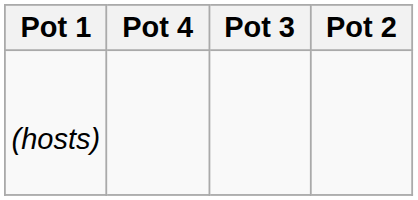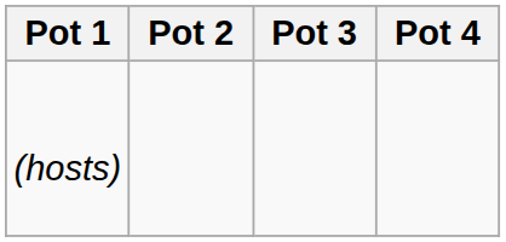 <table class="wikitable">
 <tr>
 <th width=25%>Pot 1</th>
+<th width=25%>Pot 2</th>
+<th width=25%>Pot 3</th>
 <th width=25%>Pot 4</th>
-<th width=25%>Pot 3</th>
-<th width=25%>Pot 2</th>
 </tr>
 <tr>
 <td><br> <br>  <em>(hosts)</em><br>  <br> </td>
-<td><br> <br>  <br> </td>
 <td><br> <br>  <br>  <br> </td>
 <td><br> <br>  <br>  <br> </td>
+<td><br> <br>  <br> </td>
 </tr>
 </table>
